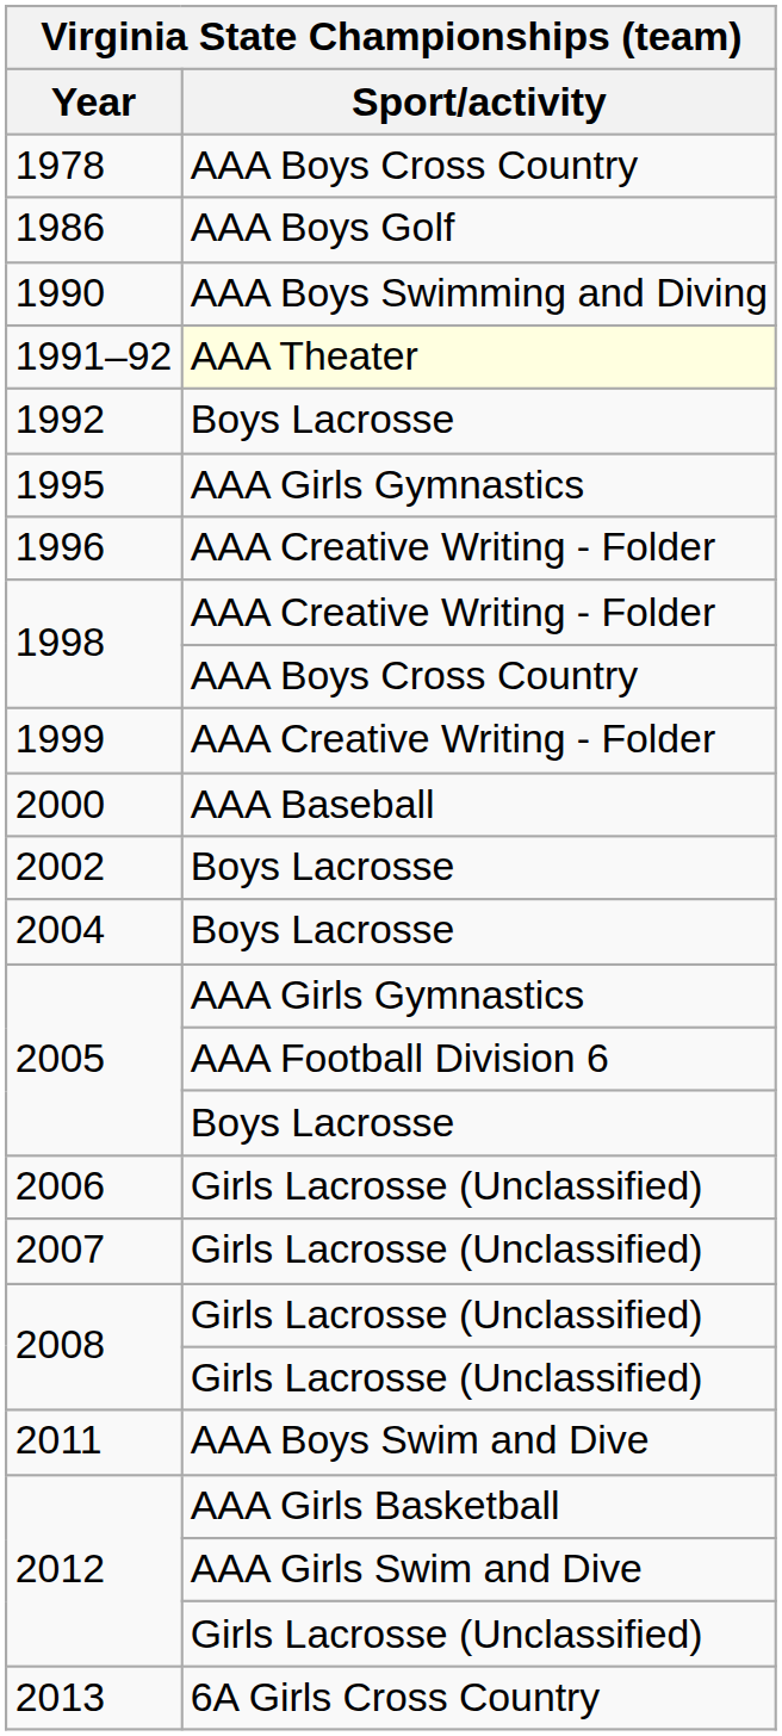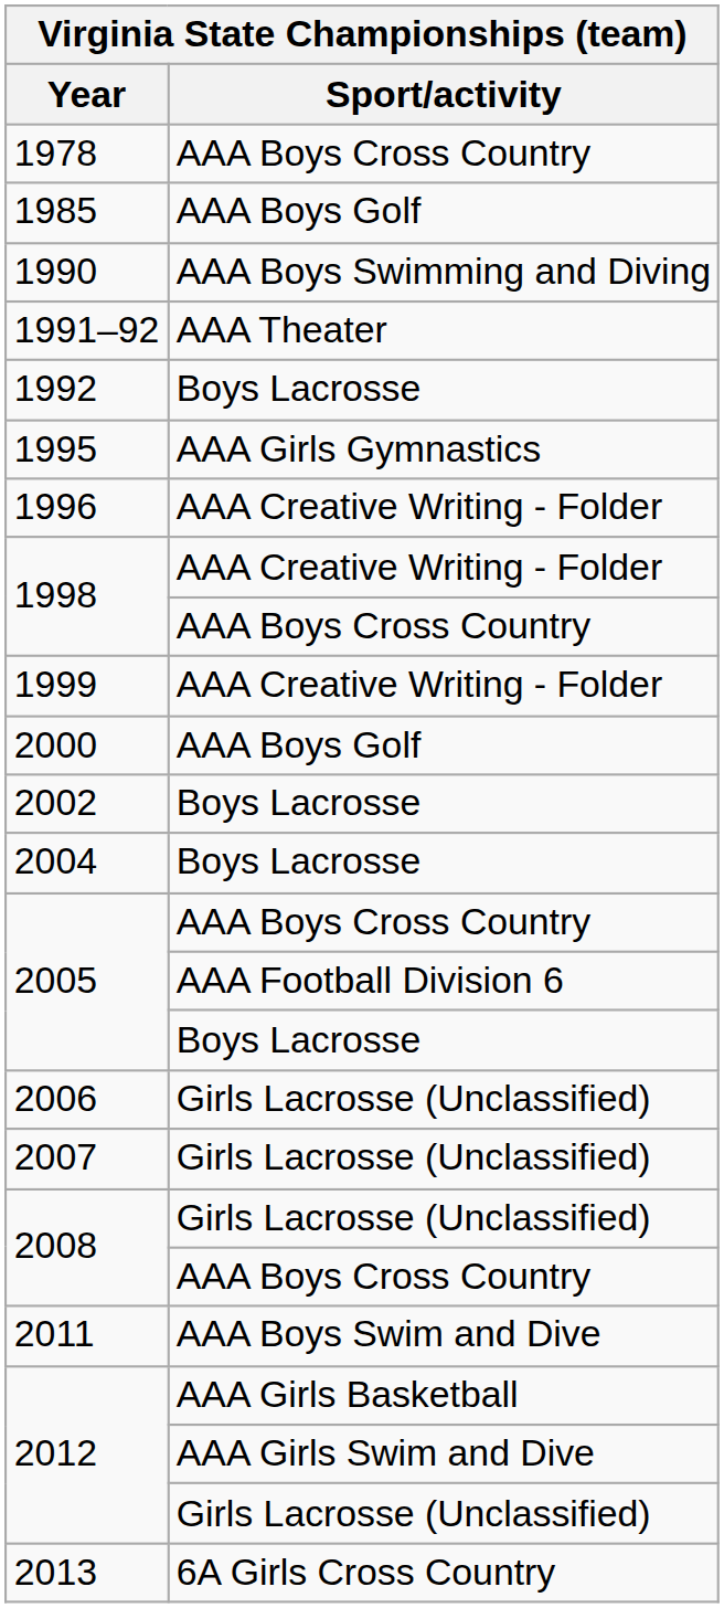 <table class="wikitable mw-collapsible mw-collapsed" style="float:top;">
 <tr>
 <th colspan=2>Virginia State Championships (team)</th>
 </tr>
 <tr>
 <th>Year</th>
 <th>Sport/activity</th>
 </tr>
 <tr>
 <td>1978</td>
 <td>AAA Boys Cross Country</td>
 </tr>
 <tr>
-<td>1986</td>
+<td>1985</td>
 <td>AAA Boys Golf</td>
 </tr>
 <tr>
 <td>1990</td>
 <td>AAA Boys Swimming and Diving</td>
 </tr>
 <tr>
 <td>1991–92</td>
-<td style="background: lightyellow;">AAA Theater</td>
+<td>AAA Theater</td>
 </tr>
 <tr>
 <td>1992</td>
 <td>Boys Lacrosse</td>
 </tr>
 <tr>
 <td>1995</td>
 <td>AAA Girls Gymnastics</td>
 </tr>
 <tr>
 <td>1996</td>
 <td>AAA Creative Writing - Folder</td>
 </tr>
 <tr>
 <td rowspan=2>1998</td>
 <td>AAA Creative Writing - Folder</td>
 </tr>
 <tr>
 <td>AAA Boys Cross Country</td>
 </tr>
 <tr>
 <td>1999</td>
 <td>AAA Creative Writing - Folder</td>
 </tr>
 <tr>
 <td>2000</td>
-<td>AAA Baseball</td>
+<td>AAA Boys Golf</td>
 </tr>
 <tr>
 <td>2002</td>
 <td>Boys Lacrosse</td>
 </tr>
 <tr>
 <td>2004</td>
 <td>Boys Lacrosse</td>
 </tr>
 <tr>
 <td rowspan=3>2005</td>
-<td>AAA Girls Gymnastics</td>
+<td>AAA Boys Cross Country</td>
 </tr>
 <tr>
 <td>AAA Football Division 6</td>
 </tr>
 <tr>
 <td>Boys Lacrosse</td>
 </tr>
 <tr>
 <td>2006</td>
 <td>Girls Lacrosse (Unclassified)</td>
 </tr>
 <tr>
 <td>2007</td>
 <td>Girls Lacrosse (Unclassified)</td>
 </tr>
 <tr>
 <td rowspan=2>2008</td>
 <td>Girls Lacrosse (Unclassified)</td>
 </tr>
 <tr>
-<td>Girls Lacrosse (Unclassified)</td>
+<td>AAA Boys Cross Country</td>
 </tr>
 <tr>
 <td>2011</td>
 <td>AAA Boys Swim and Dive</td>
 </tr>
 <tr>
 <td rowspan=3>2012</td>
 <td>AAA Girls Basketball</td>
 </tr>
 <tr>
 <td>AAA Girls Swim and Dive</td>
 </tr>
 <tr>
 <td>Girls Lacrosse (Unclassified)</td>
 </tr>
 <tr>
 <td>2013</td>
 <td>6A Girls Cross Country</td>
 </tr>
 </table>
